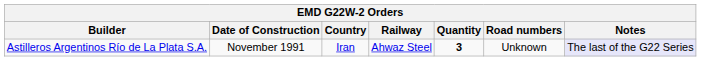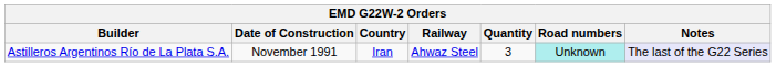 <table class="wikitable">
 <tr>
 <th colspan="7">EMD G22W-2 Orders</th>
 </tr>
 <tr>
 <th>Builder</th>
 <th>Date of Construction</th>
 <th>Country</th>
 <th>Railway</th>
 <th>Quantity</th>
 <th>Road numbers</th>
 <th>Notes</th>
 </tr>
 <tr align="center">
 <td><a href='#'>Astilleros Argentinos Río de La Plata S.A.</a></td>
 <td>November 1991</td>
 <td><a href='#'>Iran</a></td>
 <td><a href='#'>Ahwaz Steel</a></td>
-<td><strong>3</strong></td>
-<td>Unknown</td>
+<td>3</td>
+<td style="background: paleturquoise;">Unknown</td>
 <td style="background: lavender;">The last of the G22 Series</td>
 </tr>
 </table>
